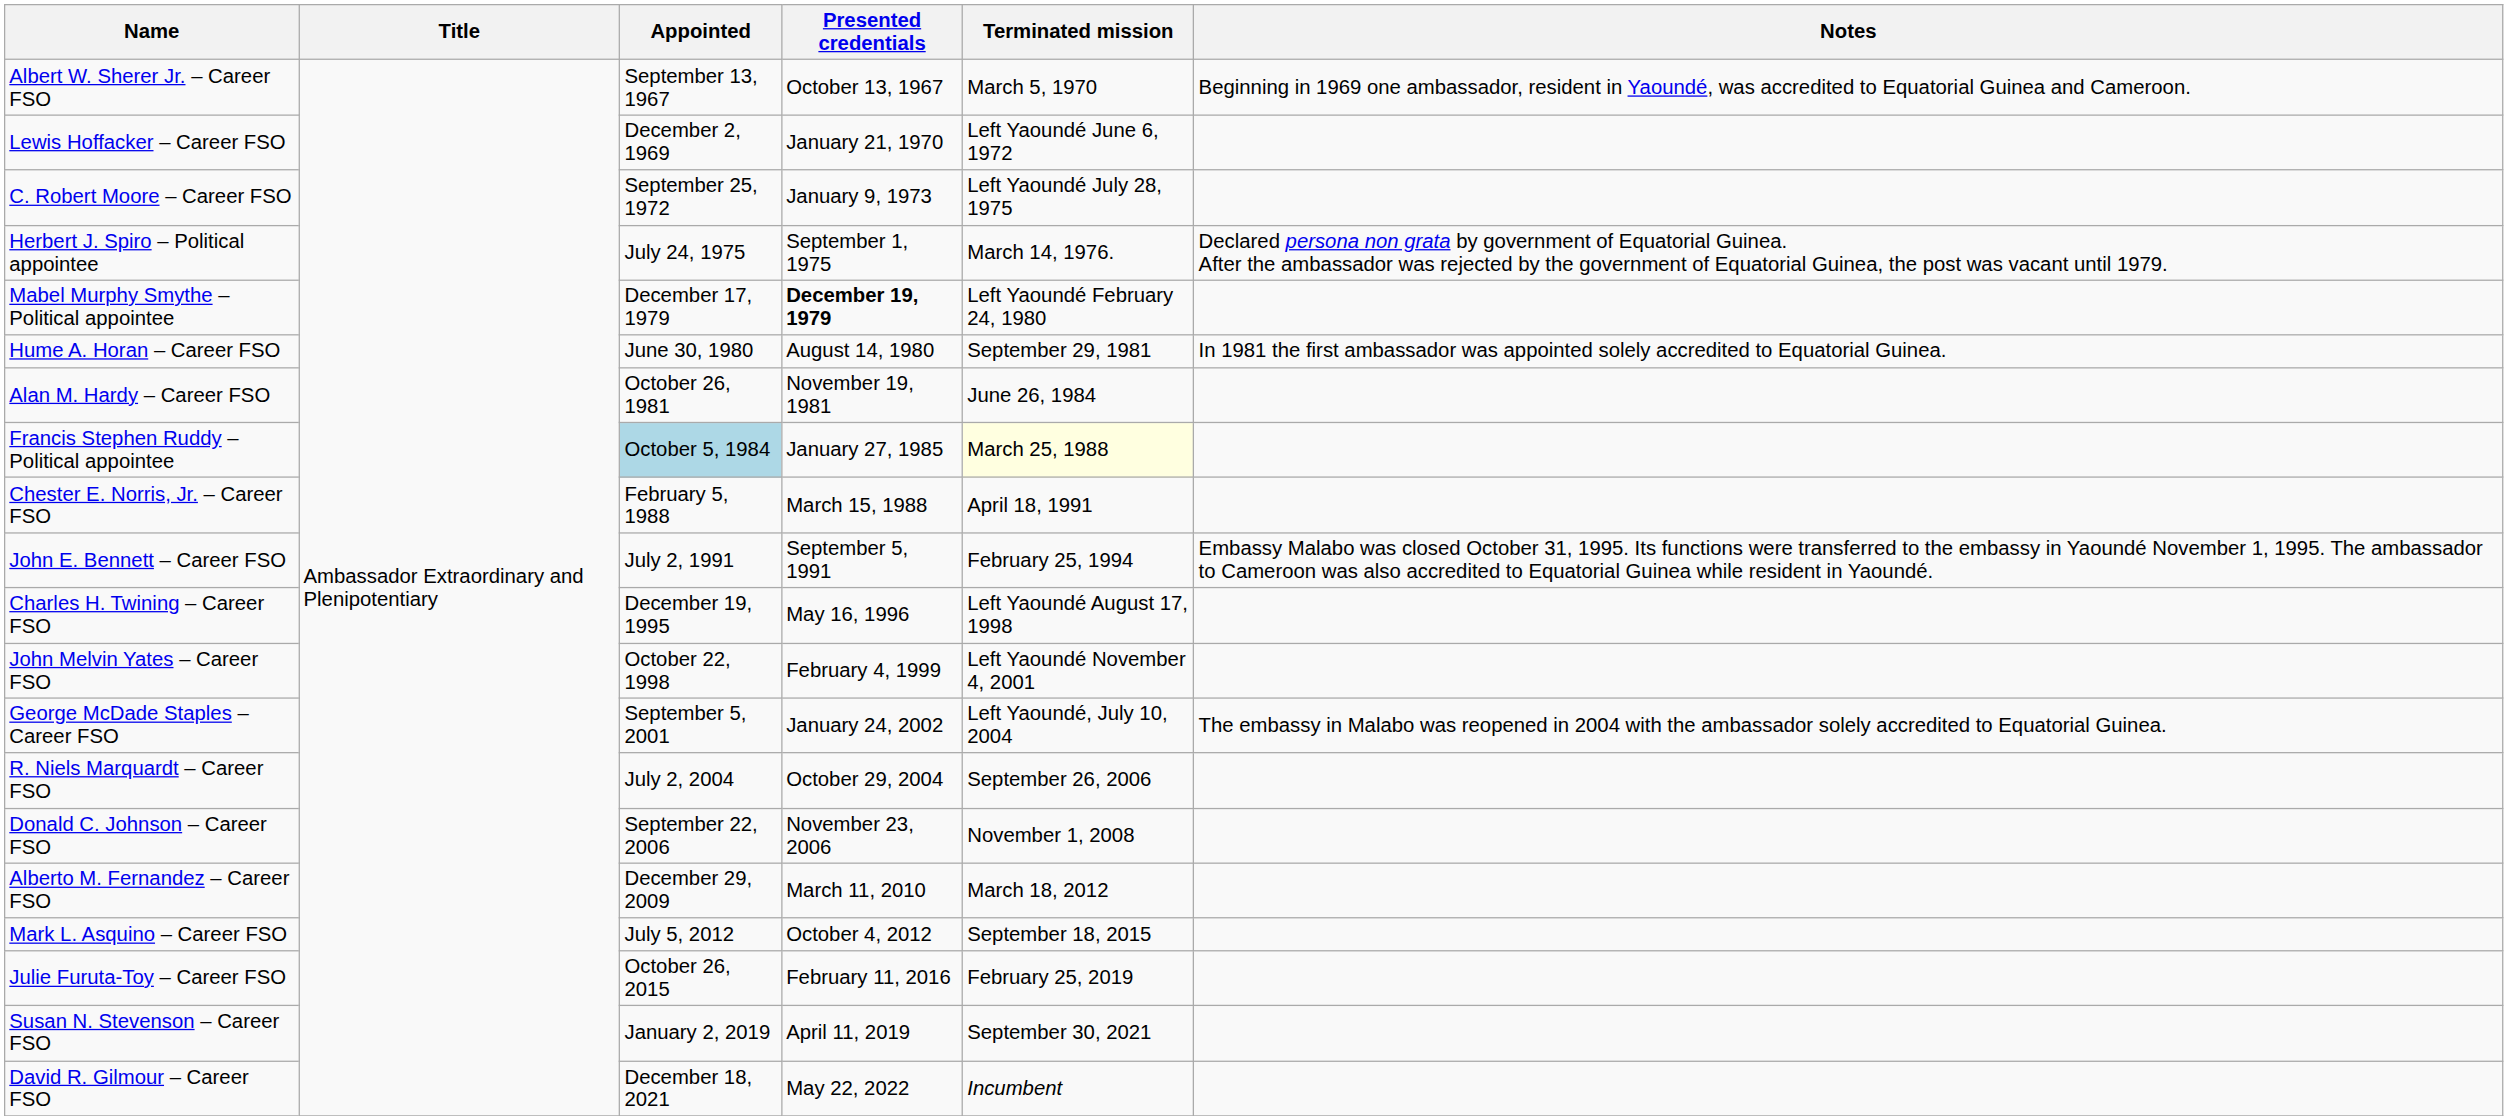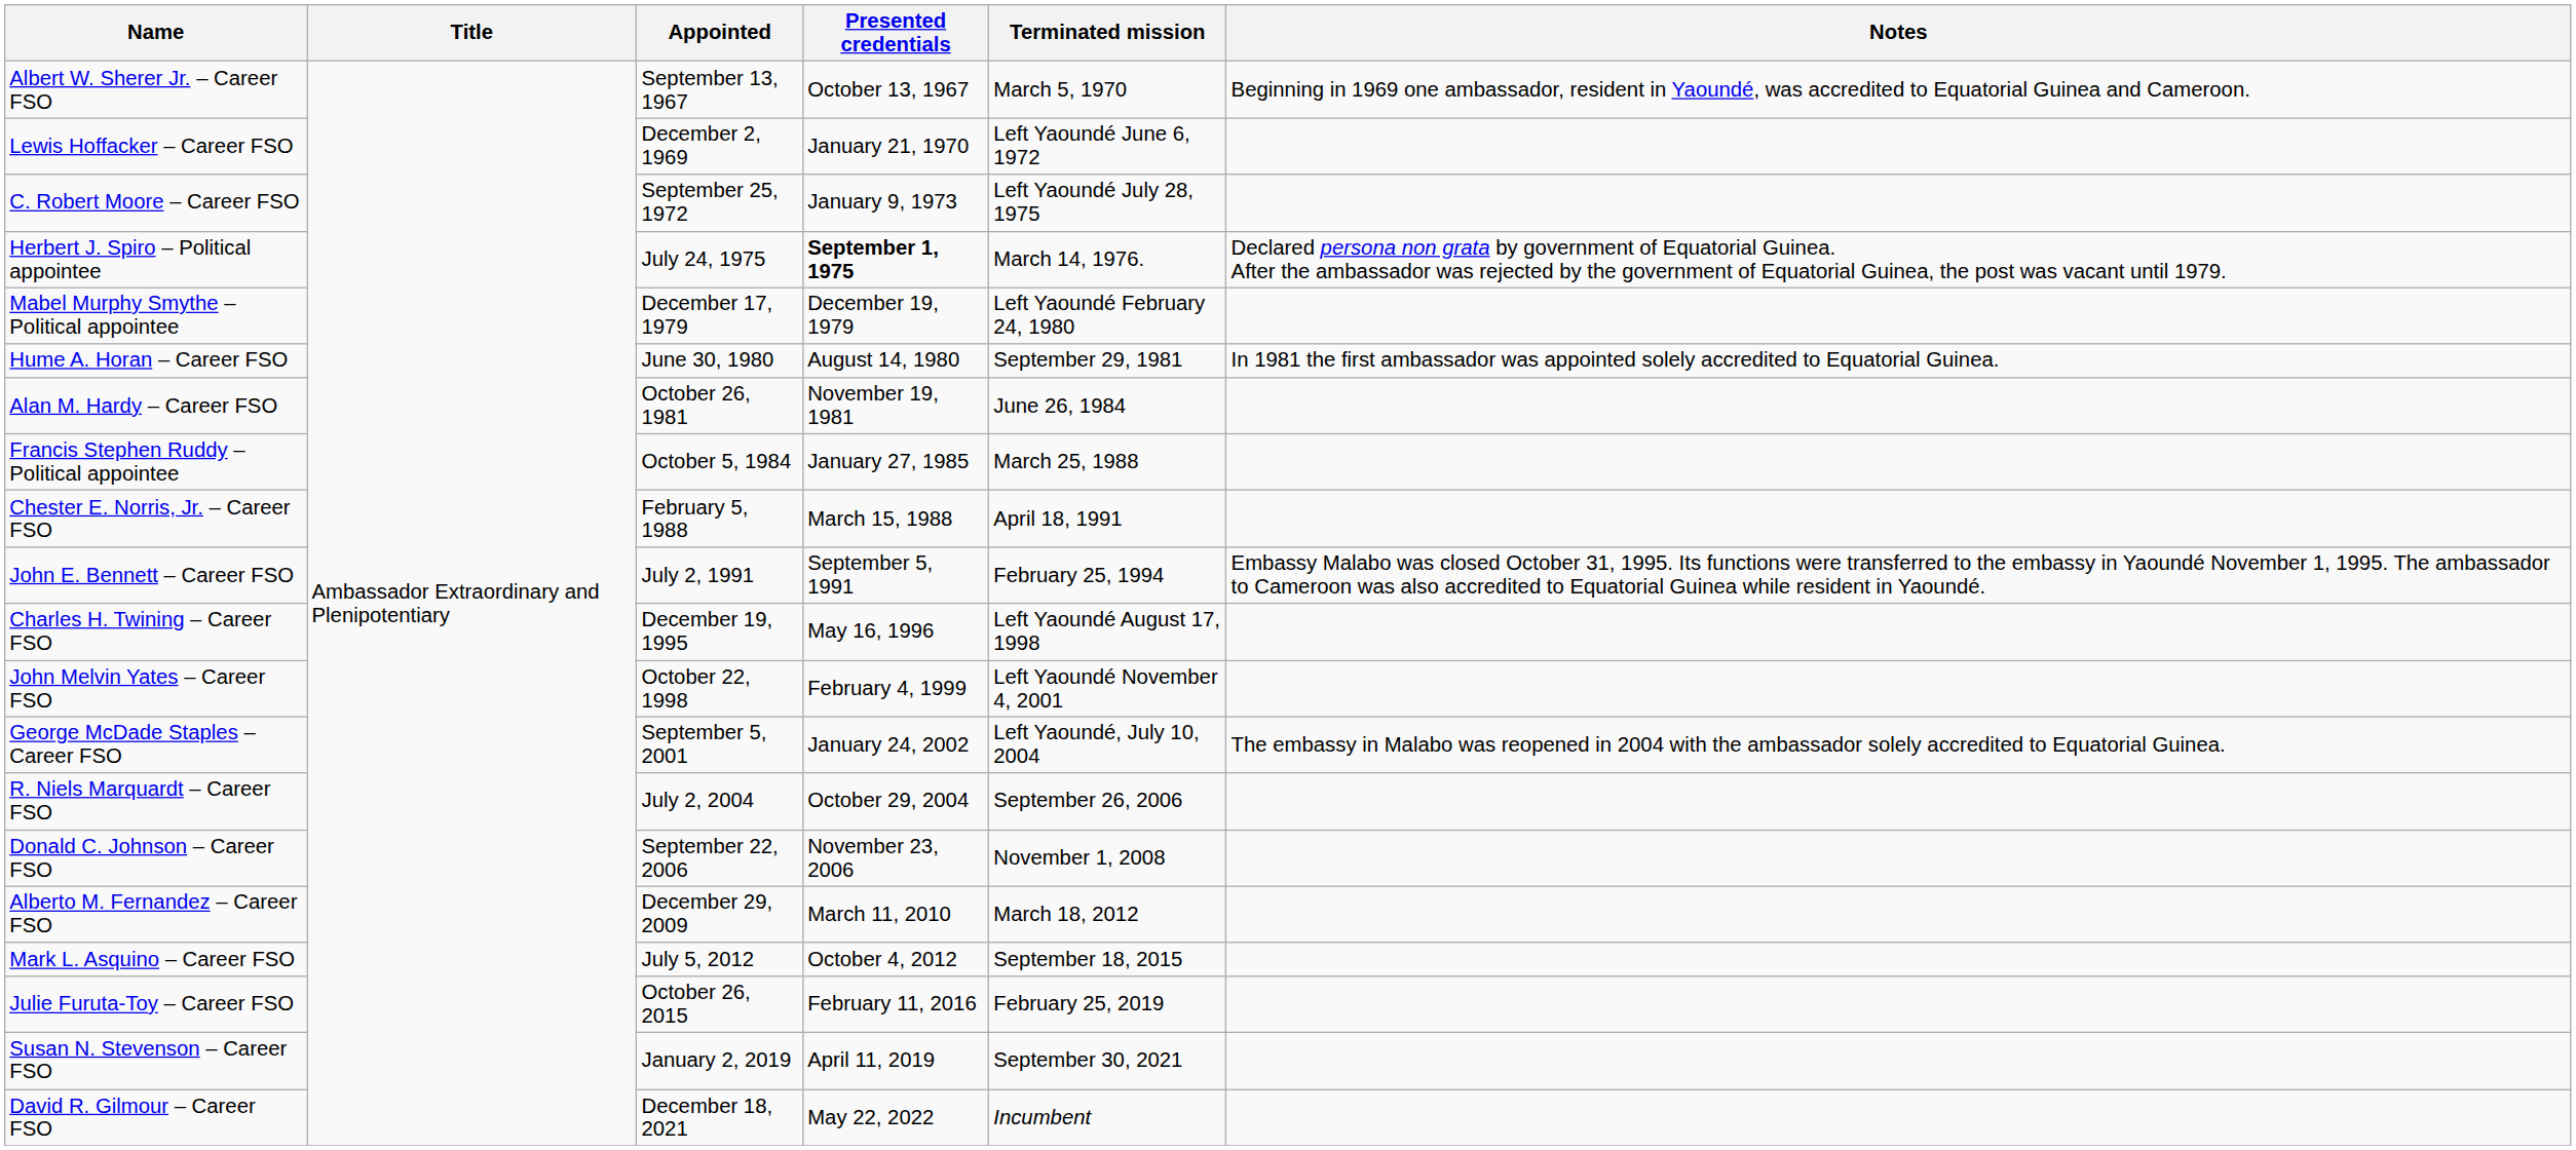 <table class="wikitable">
 <tr>
 <th>Name</th>
 <th>Title</th>
 <th>Appointed</th>
 <th><a href='#'>Presented credentials</a></th>
 <th>Terminated mission</th>
 <th>Notes</th>
 </tr>
 <tr>
 <td><a href='#'>Albert W. Sherer Jr.</a> – Career FSO</td>
 <td rowspan="20">Ambassador Extraordinary and Plenipotentiary</td>
 <td>September 13, 1967</td>
 <td>October 13, 1967</td>
 <td>March 5, 1970</td>
 <td>Beginning in 1969 one ambassador, resident in <a href='#'>Yaoundé</a>, was accredited to Equatorial Guinea and Cameroon.</td>
 </tr>
 <tr>
 <td><a href='#'>Lewis Hoffacker</a> – Career FSO</td>
 <td>December 2, 1969</td>
 <td>January 21, 1970</td>
 <td>Left Yaoundé June 6, 1972</td>
 <td></td>
 </tr>
 <tr>
 <td><a href='#'>C. Robert Moore</a> – Career FSO</td>
 <td>September 25, 1972</td>
 <td>January 9, 1973</td>
 <td>Left Yaoundé July 28, 1975</td>
 <td></td>
 </tr>
 <tr>
 <td><a href='#'>Herbert J. Spiro</a> – Political appointee</td>
 <td>July 24, 1975</td>
-<td>September 1, 1975</td>
+<td><strong>September 1, 1975</strong></td>
 <td>March 14, 1976.</td>
 <td>Declared <em><a href='#'>persona non grata</a></em> by government of Equatorial Guinea.<br>After the ambassador was rejected by the government of Equatorial Guinea, the post was vacant until 1979.</td>
 </tr>
 <tr>
 <td><a href='#'>Mabel Murphy Smythe</a> – Political appointee</td>
 <td>December 17, 1979</td>
-<td><strong>December 19, 1979</strong></td>
+<td>December 19, 1979</td>
 <td>Left Yaoundé February 24, 1980</td>
 <td></td>
 </tr>
 <tr>
 <td><a href='#'>Hume A. Horan</a> – Career FSO</td>
 <td>June 30, 1980</td>
 <td>August 14, 1980</td>
 <td>September 29, 1981</td>
 <td>In 1981 the first ambassador was appointed solely accredited to Equatorial Guinea.</td>
 </tr>
 <tr>
 <td><a href='#'>Alan M. Hardy</a> – Career FSO</td>
 <td>October 26, 1981</td>
 <td>November 19, 1981</td>
 <td>June 26, 1984</td>
 <td></td>
 </tr>
 <tr>
 <td><a href='#'>Francis Stephen Ruddy</a> – Political appointee</td>
-<td style="background: lightblue;">October 5, 1984</td>
+<td>October 5, 1984</td>
 <td>January 27, 1985</td>
-<td style="background: lightyellow;">March 25, 1988</td>
+<td>March 25, 1988</td>
 <td></td>
 </tr>
 <tr>
 <td><a href='#'>Chester E. Norris, Jr.</a> – Career FSO</td>
 <td>February 5, 1988</td>
 <td>March 15, 1988</td>
 <td>April 18, 1991</td>
 <td></td>
 </tr>
 <tr>
 <td><a href='#'>John E. Bennett</a> – Career FSO </td>
 <td>July 2, 1991</td>
 <td>September 5, 1991</td>
 <td>February 25, 1994</td>
 <td>Embassy Malabo was closed October 31, 1995. Its functions were transferred to the embassy in Yaoundé November 1, 1995. The ambassador to Cameroon was also accredited to Equatorial Guinea while resident in Yaoundé.</td>
 </tr>
 <tr>
 <td><a href='#'>Charles H. Twining</a> – Career FSO</td>
 <td>December 19, 1995</td>
 <td>May 16, 1996</td>
 <td>Left Yaoundé August 17, 1998</td>
 <td></td>
 </tr>
 <tr>
 <td><a href='#'>John Melvin Yates</a> – Career FSO</td>
 <td>October 22, 1998</td>
 <td>February 4, 1999</td>
 <td>Left Yaoundé November 4, 2001</td>
 <td></td>
 </tr>
 <tr>
 <td><a href='#'>George McDade Staples</a> – Career FSO</td>
 <td>September 5, 2001</td>
 <td>January 24, 2002</td>
 <td>Left Yaoundé, July 10, 2004</td>
 <td>The embassy in Malabo was reopened in 2004 with the ambassador solely accredited to Equatorial Guinea.</td>
 </tr>
 <tr>
 <td><a href='#'>R. Niels Marquardt</a> – Career FSO</td>
 <td>July 2, 2004</td>
 <td>October 29, 2004</td>
 <td>September 26, 2006</td>
 <td></td>
 </tr>
 <tr>
 <td><a href='#'>Donald C. Johnson</a> – Career FSO</td>
 <td>September 22, 2006</td>
 <td>November 23, 2006</td>
 <td>November 1, 2008</td>
 <td></td>
 </tr>
 <tr>
 <td><a href='#'>Alberto M. Fernandez</a> – Career FSO</td>
 <td>December 29, 2009</td>
 <td>March 11, 2010</td>
 <td>March 18, 2012</td>
 <td></td>
 </tr>
 <tr>
 <td><a href='#'>Mark L. Asquino</a> – Career FSO</td>
 <td>July 5, 2012</td>
 <td>October 4, 2012</td>
 <td>September 18, 2015</td>
 <td></td>
 </tr>
 <tr>
 <td><a href='#'>Julie Furuta-Toy</a> – Career FSO</td>
 <td>October 26, 2015</td>
 <td>February 11, 2016</td>
 <td>February 25, 2019</td>
 <td></td>
 </tr>
 <tr>
 <td><a href='#'>Susan N. Stevenson</a> – Career FSO</td>
 <td>January 2, 2019</td>
 <td>April 11, 2019</td>
 <td>September 30, 2021</td>
 <td></td>
 </tr>
 <tr>
 <td><a href='#'>David R. Gilmour</a> – Career FSO</td>
 <td>December 18, 2021</td>
 <td>May 22, 2022</td>
 <td><em>Incumbent</em></td>
 <td></td>
 </tr>
 </table>
